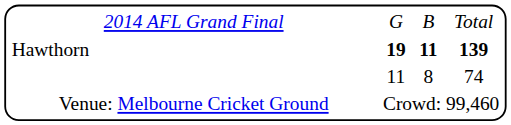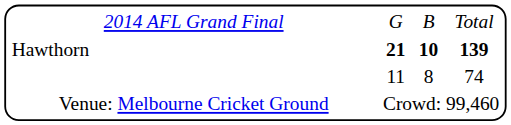 <table style="margin-right:4px; margin-top:8px; float:right; clear:right; border:1px #000 solid; border-radius:8px; background:#fff; font-family:Verdana; font-size:8pt; text-align:center;">
 <tr>
 <td style="width:200px;"><em><a href='#'>2014 AFL Grand Final</a></em></td>
 <td><em>G</em></td>
 <td><em>B</em></td>
 <td><em>Total</em></td>
 </tr>
 <tr>
 <td style="text-align:left">Hawthorn</td>
-<td><strong>19</strong></td>
-<td><strong>11</strong></td>
+<td><strong>21</strong></td>
+<td><strong>10</strong></td>
 <td><strong>139</strong></td>
 </tr>
 <tr>
 <td style="text-align:left"></td>
 <td>11</td>
 <td>8</td>
 <td>74</td>
 </tr>
 <tr>
 <td>Venue: <a href='#'>Melbourne Cricket Ground</a></td>
 <td colspan="3">Crowd: 99,460</td>
 </tr>
 </table>
